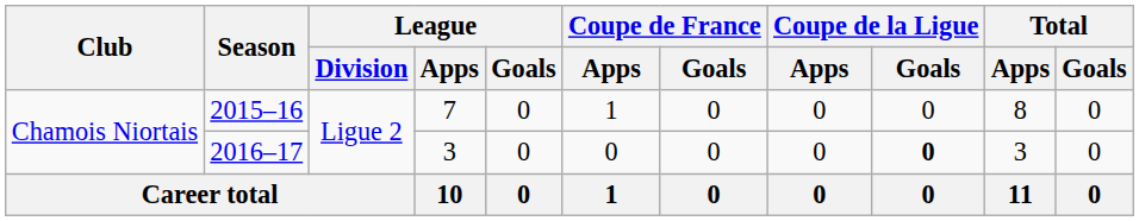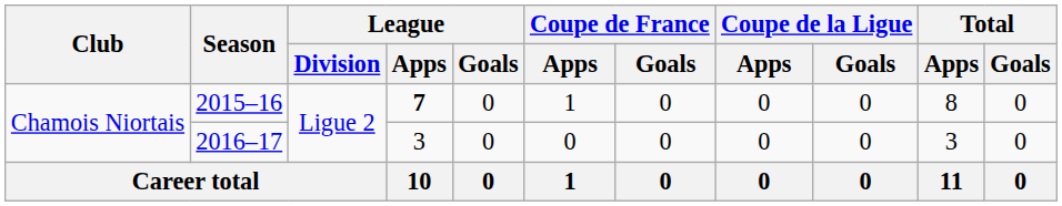 <table class="wikitable" style="text-align:center">
 <tr>
 <th rowspan="2">Club</th>
 <th rowspan="2">Season</th>
 <th colspan="3">League</th>
 <th colspan="2"><a href='#'>Coupe de France</a></th>
 <th colspan="2"><a href='#'>Coupe de la Ligue</a></th>
 <th colspan="2">Total</th>
 </tr>
 <tr>
 <th><a href='#'>Division</a></th>
 <th>Apps</th>
 <th>Goals</th>
 <th>Apps</th>
 <th>Goals</th>
 <th>Apps</th>
 <th>Goals</th>
 <th>Apps</th>
 <th>Goals</th>
 </tr>
 <tr>
 <td rowspan="2"><a href='#'>Chamois Niortais</a></td>
 <td><a href='#'>2015–16</a></td>
 <td rowspan="2"><a href='#'>Ligue 2</a></td>
-<td>7</td>
+<td><strong>7</strong></td>
 <td>0</td>
 <td>1</td>
 <td>0</td>
 <td>0</td>
 <td>0</td>
 <td>8</td>
 <td>0</td>
 </tr>
 <tr>
 <td><a href='#'>2016–17</a></td>
 <td>3</td>
 <td>0</td>
 <td>0</td>
 <td>0</td>
 <td>0</td>
-<td><strong>0</strong></td>
+<td>0</td>
 <td>3</td>
 <td>0</td>
 </tr>
 <tr>
 <th colspan="3">Career total</th>
 <th>10</th>
 <th>0</th>
 <th>1</th>
 <th>0</th>
 <th>0</th>
 <th>0</th>
 <th>11</th>
 <th>0</th>
 </tr>
 </table>
